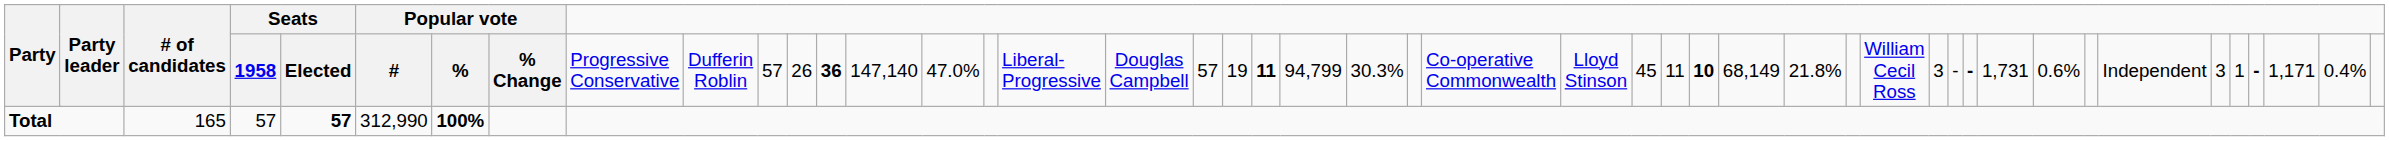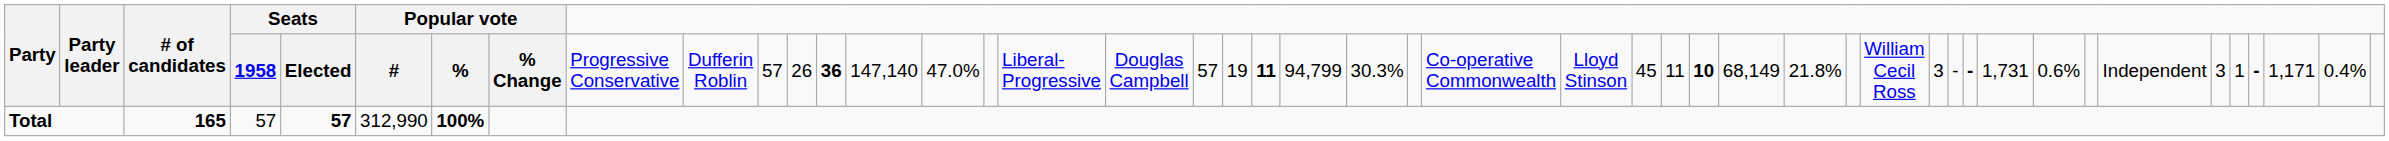 <table class="wikitable">
 <tr>
 <th rowspan=2 colspan=2>Party</th>
 <th rowspan=2>Party leader</th>
 <th rowspan=2># of<br>candidates</th>
 <th colspan=2>Seats</th>
 <th colspan=3>Popular vote</th>
 </tr>
 <tr>
 <th><a href='#'>1958</a></th>
 <th>Elected</th>
 <th>#</th>
 <th>%</th>
 <th>% Change<br></th>
 <td><a href='#'>Progressive Conservative</a></td>
 <td align="center"><a href='#'>Dufferin Roblin</a></td>
 <td align="right">57</td>
 <td align="right">26</td>
 <td align="right"><strong>36</strong></td>
 <td align="right">147,140</td>
 <td align="right">47.0%</td>
 <td align="right"> <br></td>
 <td><a href='#'>Liberal-Progressive</a></td>
 <td align="center"><a href='#'>Douglas Campbell</a></td>
 <td align="right">57</td>
 <td align="right">19</td>
 <td align="right"><strong>11</strong></td>
 <td align="right">94,799</td>
 <td align="right">30.3%</td>
 <td align="right"> <br></td>
 <td><a href='#'>Co-operative Commonwealth</a></td>
 <td align="center"><a href='#'>Lloyd Stinson</a></td>
 <td align="right">45</td>
 <td align="right">11</td>
 <td align="right"><strong>10</strong></td>
 <td align="right">68,149</td>
 <td align="right">21.8%</td>
 <td align="right"> <br></td>
 <td align="center"><a href='#'>William Cecil Ross</a></td>
 <td align="right">3</td>
 <td align="right">-</td>
 <td align="right"><strong>-</strong></td>
 <td align="right">1,731</td>
 <td align="right">0.6%</td>
 <td align="right"> <br></td>
 <td colspan=2>Independent</td>
 <td align="right">3</td>
 <td align="right">1</td>
 <td align="right"><strong>-</strong></td>
 <td align="right">1,171</td>
 <td align="right">0.4%</td>
 <td align="right"> </td>
 </tr>
 <tr>
 <td colspan=3><strong>Total</strong></td>
-<td align="right">165</td>
+<td align="right"><strong>165</strong></td>
 <td align="right">57</td>
 <td align="right"><strong>57</strong></td>
 <td align="right">312,990</td>
 <td align="right"><strong>100%</strong></td>
 <td align="right"> </td>
 </tr>
 </table>
